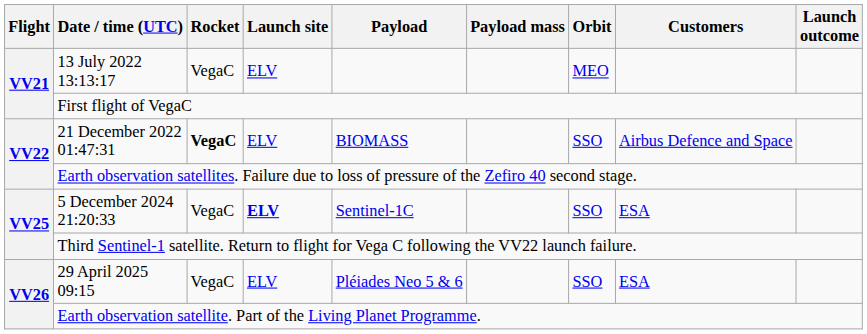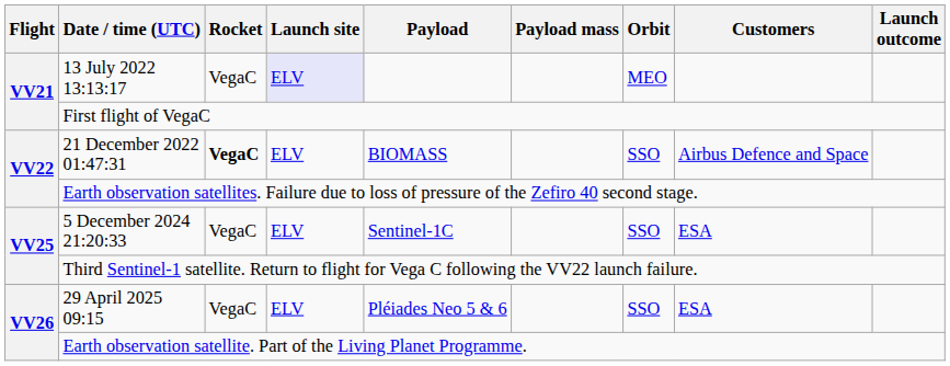 <table class="wikitable">
 <tr>
 <th>Flight</th>
 <th>Date / time (<a href='#'>UTC</a>)</th>
 <th>Rocket</th>
 <th>Launch site</th>
 <th>Payload</th>
 <th>Payload mass</th>
 <th>Orbit</th>
 <th>Customers</th>
 <th>Launch<br>outcome</th>
 </tr>
 <tr>
 <th scope="row" rowspan=2 style="text-align:center;"><a href='#'>VV21</a></th>
 <td>13 July 2022<br>13:13:17</td>
 <td>VegaC</td>
-<td><a href='#'>ELV</a></td>
+<td style="background: lavender;"><a href='#'>ELV</a></td>
 <td></td>
 <td></td>
 <td><a href='#'>MEO</a></td>
 <td></td>
 <td></td>
 </tr>
 <tr>
 <td colspan="8">First flight of VegaC</td>
 </tr>
 <tr>
 <th scope="row" rowspan=2 style="text-align:center;"><a href='#'>VV22</a></th>
 <td>21 December 2022<br>01:47:31</td>
 <td><strong>VegaC</strong></td>
 <td><a href='#'>ELV</a></td>
 <td><a href='#'>BIOMASS</a></td>
 <td></td>
 <td><a href='#'>SSO</a></td>
 <td><a href='#'>Airbus Defence and Space</a></td>
 <td></td>
 </tr>
 <tr>
 <td colspan="8"><a href='#'>Earth observation satellites</a>. Failure due to loss of pressure of the <a href='#'>Zefiro 40</a> second stage.</td>
 </tr>
 <tr>
 <th scope="row" rowspan=2 style="text-align:center;"><a href='#'>VV25</a></th>
 <td>5 December 2024<br>21:20:33</td>
 <td>VegaC</td>
-<td><strong><a href='#'>ELV</a></strong></td>
+<td><a href='#'>ELV</a></td>
 <td><a href='#'>Sentinel-1C</a></td>
 <td></td>
 <td><a href='#'>SSO</a></td>
 <td><a href='#'>ESA</a></td>
 <td></td>
 </tr>
 <tr>
 <td colspan="8">Third <a href='#'>Sentinel-1</a> satellite. Return to flight for Vega C following the VV22 launch failure.</td>
 </tr>
 <tr>
 <th scope="row" rowspan=2 style="text-align:center;"><a href='#'>VV26</a></th>
 <td>29 April 2025<br>09:15 </td>
 <td>VegaC</td>
 <td><a href='#'>ELV</a></td>
 <td><a href='#'>Pléiades Neo 5 & 6</a></td>
 <td></td>
 <td><a href='#'>SSO</a></td>
 <td><a href='#'>ESA</a></td>
 <td></td>
 </tr>
 <tr>
 <td colspan="8"><a href='#'>Earth observation satellite</a>. Part of the <a href='#'>Living Planet Programme</a>.</td>
 </tr>
 </table>
